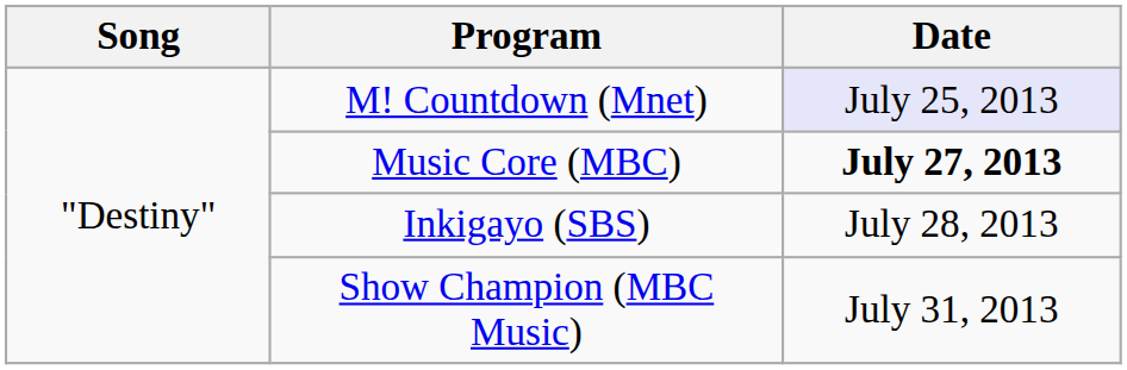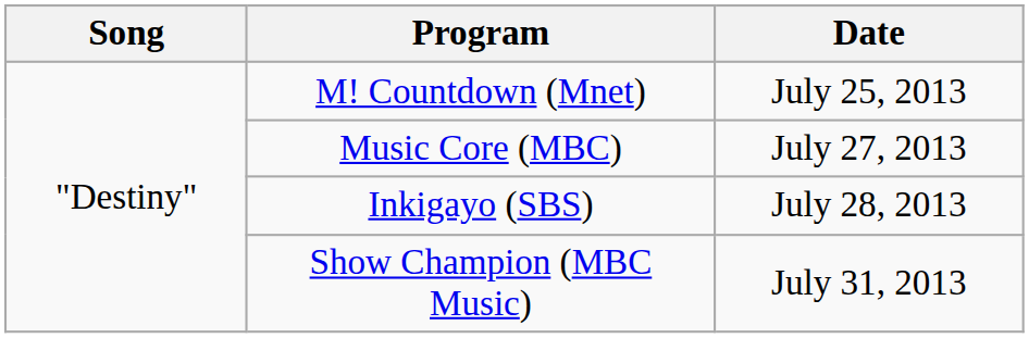 <table class="wikitable" style="text-align:center">
 <tr>
 <th width="100">Song</th>
 <th width="200">Program</th>
 <th width="130">Date</th>
 </tr>
 <tr>
 <td rowspan="4">"Destiny"</td>
 <td><a href='#'>M! Countdown</a> (<a href='#'>Mnet</a>)</td>
-<td style="background: lavender;">July 25, 2013</td>
+<td>July 25, 2013</td>
 </tr>
 <tr>
 <td><a href='#'>Music Core</a> (<a href='#'>MBC</a>)</td>
-<td><strong>July 27, 2013</strong></td>
+<td>July 27, 2013</td>
 </tr>
 <tr>
 <td><a href='#'>Inkigayo</a> (<a href='#'>SBS</a>)</td>
 <td>July 28, 2013</td>
 </tr>
 <tr>
 <td><a href='#'>Show Champion</a> (<a href='#'>MBC Music</a>)</td>
 <td>July 31, 2013</td>
 </tr>
 </table>
